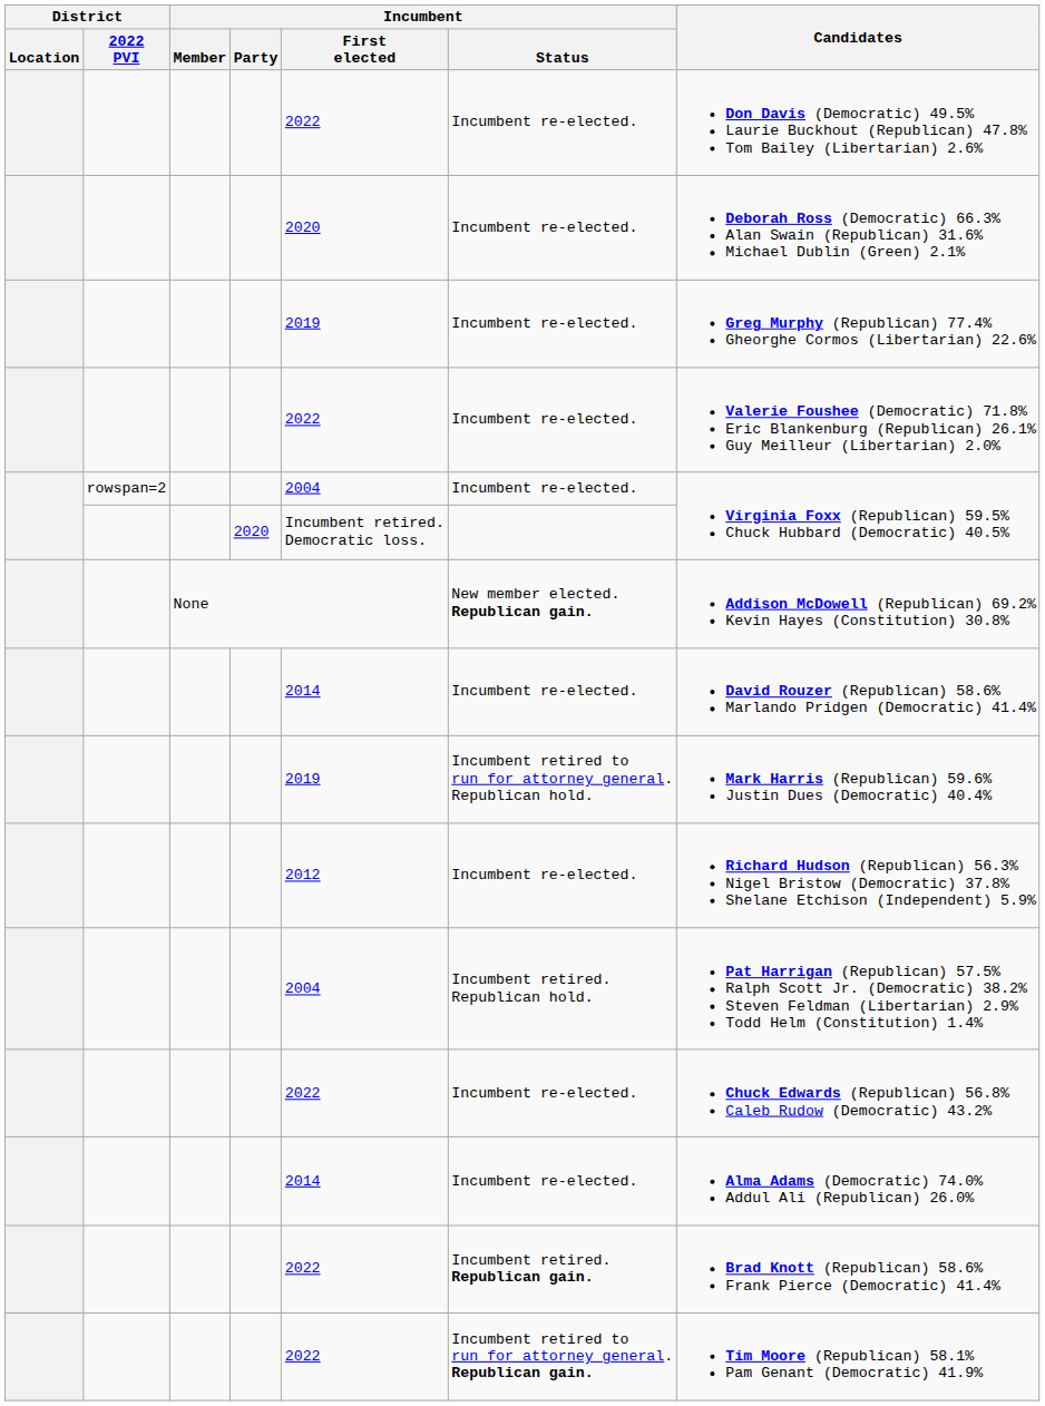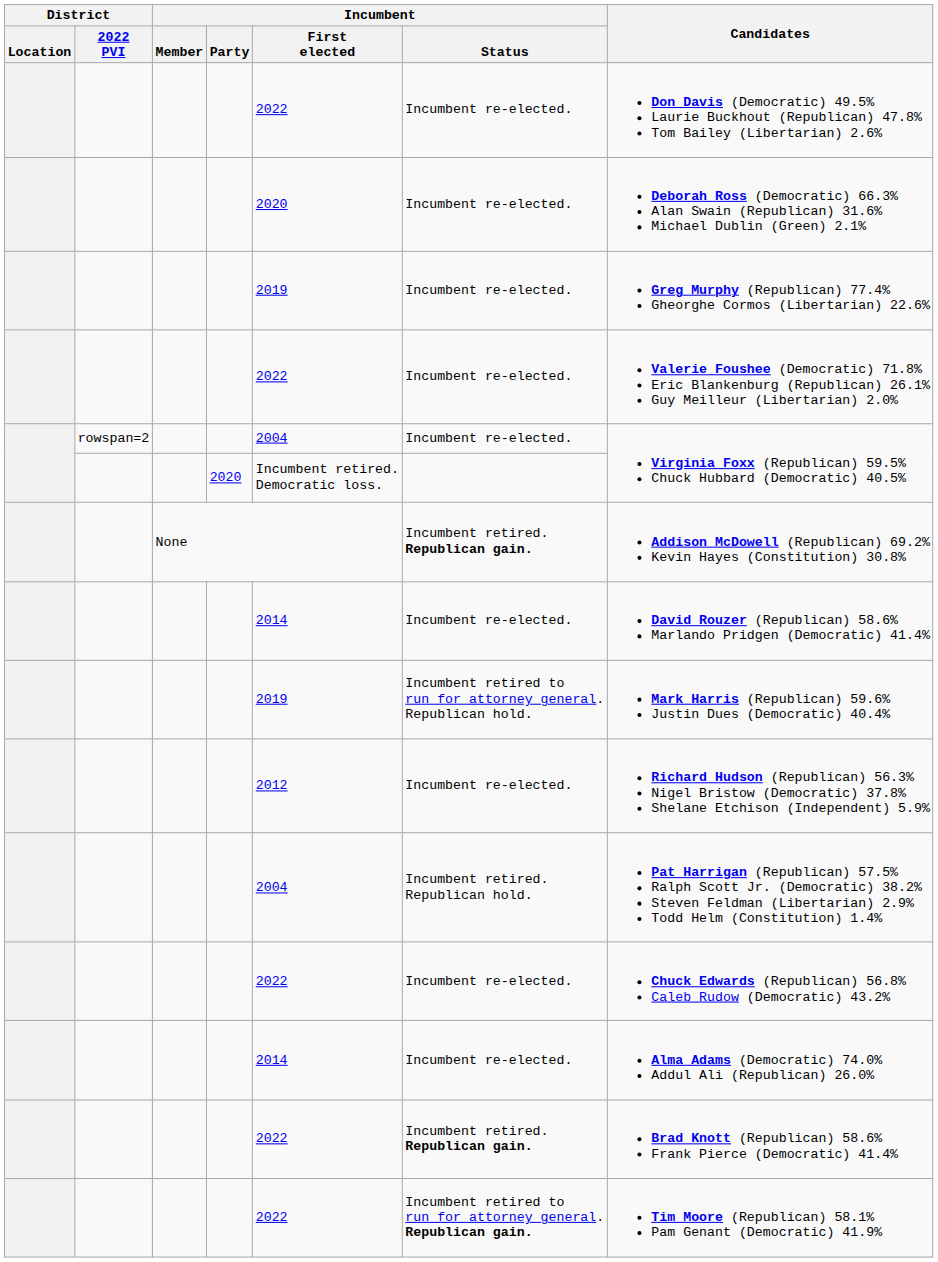 <table class="wikitable sortable">
 <tr>
 <th colspan=2>District</th>
 <th colspan=4>Incumbent</th>
 <th rowspan=2 class="unsortable">Candidates</th>
 </tr>
 <tr valign=bottom>
 <th>Location</th>
 <th><a href='#'>2022<br>PVI</a></th>
 <th>Member</th>
 <th>Party</th>
 <th>First<br>elected</th>
 <th>Status</th>
 </tr>
 <tr>
 <th></th>
 <td></td>
 <td></td>
 <td></td>
 <td><a href='#'>2022</a></td>
 <td>Incumbent re-elected.</td>
 <td nowrap><br><ul><li> <strong><a href='#'>Don Davis</a></strong> (Democratic) 49.5%</li><li>Laurie Buckhout (Republican) 47.8%</li><li>Tom Bailey (Libertarian) 2.6%</li></ul></td>
 </tr>
 <tr>
 <th></th>
 <td></td>
 <td></td>
 <td></td>
 <td><a href='#'>2020</a></td>
 <td>Incumbent re-elected.</td>
 <td nowrap><br><ul><li> <strong><a href='#'>Deborah Ross</a></strong> (Democratic) 66.3%</li><li>Alan Swain (Republican) 31.6%</li><li>Michael Dublin (Green) 2.1%</li></ul></td>
 </tr>
 <tr>
 <th></th>
 <td></td>
 <td></td>
 <td></td>
 <td><a href='#'>2019 </a></td>
 <td>Incumbent re-elected.</td>
 <td nowrap><br><ul><li> <strong><a href='#'>Greg Murphy</a></strong> (Republican) 77.4%</li><li>Gheorghe Cormos (Libertarian) 22.6%</li></ul></td>
 </tr>
 <tr>
 <th></th>
 <td></td>
 <td></td>
 <td></td>
 <td><a href='#'>2022</a></td>
 <td>Incumbent re-elected.</td>
 <td nowrap><br><ul><li> <strong><a href='#'>Valerie Foushee</a></strong> (Democratic) 71.8%</li><li>Eric Blankenburg (Republican) 26.1%</li><li>Guy Meilleur (Libertarian) 2.0%</li></ul></td>
 </tr>
 <tr>
 <th rowspan=2></th>
 <td>rowspan=2 </td>
 <td></td>
 <td></td>
 <td><a href='#'>2004</a></td>
 <td>Incumbent re-elected.</td>
 <td rowspan=2 nowrap><br><ul><li> <strong><a href='#'>Virginia Foxx</a></strong> (Republican) 59.5%</li><li>Chuck Hubbard (Democratic) 40.5%</li></ul></td>
 </tr>
 <tr>
 <td><br></td>
 <td></td>
 <td><a href='#'>2020</a></td>
 <td>Incumbent retired.<br>Democratic loss.</td>
 </tr>
 <tr>
 <th></th>
 <td></td>
 <td colspan=3>None </td>
-<td>New member elected.<br><strong>Republican gain.</strong></td>
+<td>Incumbent retired.<br><strong>Republican gain.</strong></td>
 <td nowrap><br><ul><li> <strong><a href='#'>Addison McDowell</a></strong> (Republican) 69.2%</li><li>Kevin Hayes (Constitution) 30.8%</li></ul></td>
 </tr>
 <tr>
 <th></th>
 <td></td>
 <td></td>
 <td></td>
 <td><a href='#'>2014</a></td>
 <td>Incumbent re-elected.</td>
 <td nowrap><br><ul><li> <strong><a href='#'>David Rouzer</a></strong> (Republican) 58.6%</li><li>Marlando Pridgen (Democratic) 41.4%</li></ul></td>
 </tr>
 <tr>
 <th></th>
 <td></td>
 <td></td>
 <td></td>
 <td><a href='#'>2019 </a></td>
 <td>Incumbent retired to<br><a href='#'>run for attorney general</a>.<br>Republican hold.</td>
 <td nowrap><br><ul><li> <strong><a href='#'>Mark Harris</a></strong> (Republican) 59.6%</li><li>Justin Dues (Democratic) 40.4%</li></ul></td>
 </tr>
 <tr>
 <th></th>
 <td></td>
 <td></td>
 <td></td>
 <td><a href='#'>2012</a></td>
 <td>Incumbent re-elected.</td>
 <td nowrap><br><ul><li> <strong><a href='#'>Richard Hudson</a></strong> (Republican) 56.3%</li><li>Nigel Bristow (Democratic) 37.8%</li><li>Shelane Etchison (Independent) 5.9%</li></ul></td>
 </tr>
 <tr>
 <th></th>
 <td></td>
 <td></td>
 <td></td>
 <td><a href='#'>2004</a></td>
 <td>Incumbent retired.<br>Republican hold.</td>
 <td nowrap><br><ul><li> <strong><a href='#'>Pat Harrigan</a></strong> (Republican) 57.5%</li><li>Ralph Scott Jr. (Democratic) 38.2%</li><li>Steven Feldman (Libertarian) 2.9%</li><li>Todd Helm (Constitution) 1.4%</li></ul></td>
 </tr>
 <tr>
 <th></th>
 <td></td>
 <td></td>
 <td></td>
 <td><a href='#'>2022</a></td>
 <td>Incumbent re-elected.</td>
 <td nowrap><br><ul><li> <strong><a href='#'>Chuck Edwards</a></strong> (Republican) 56.8%</li><li><a href='#'>Caleb Rudow</a> (Democratic) 43.2%</li></ul></td>
 </tr>
 <tr>
 <th></th>
 <td></td>
 <td></td>
 <td></td>
 <td><a href='#'>2014 </a></td>
 <td>Incumbent re-elected.</td>
 <td nowrap><br><ul><li> <strong><a href='#'>Alma Adams</a></strong> (Democratic) 74.0%</li><li>Addul Ali (Republican) 26.0%</li></ul></td>
 </tr>
 <tr>
 <th></th>
 <td></td>
 <td></td>
 <td></td>
 <td><a href='#'>2022</a></td>
 <td>Incumbent retired.<br><strong>Republican gain.</strong></td>
 <td nowrap><br><ul><li> <strong><a href='#'>Brad Knott</a></strong> (Republican) 58.6%</li><li>Frank Pierce (Democratic) 41.4%</li></ul></td>
 </tr>
 <tr>
 <th></th>
 <td></td>
 <td></td>
 <td></td>
 <td><a href='#'>2022</a></td>
 <td>Incumbent retired to<br><a href='#'>run for attorney general</a>.<br><strong>Republican gain.</strong></td>
 <td nowrap=""><br><ul><li> <strong><a href='#'>Tim Moore</a></strong> (Republican) 58.1%</li><li>Pam Genant (Democratic) 41.9%</li></ul></td>
 </tr>
 </table>
